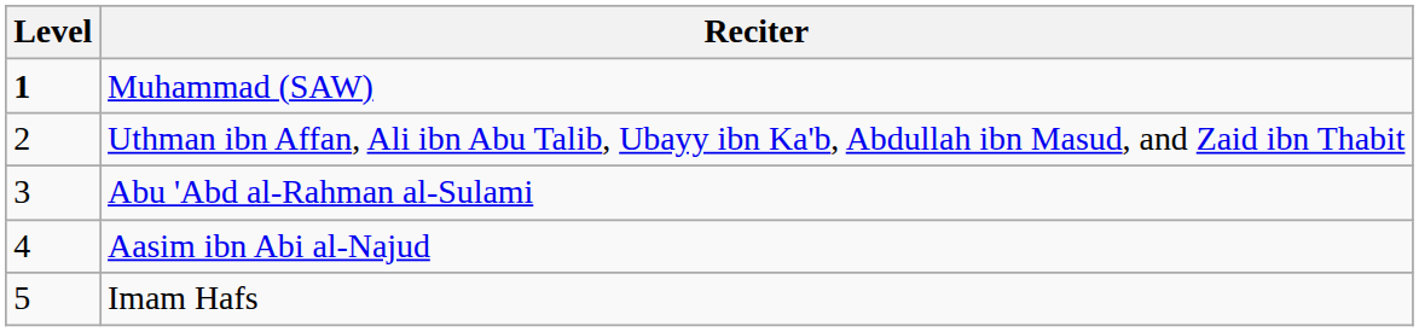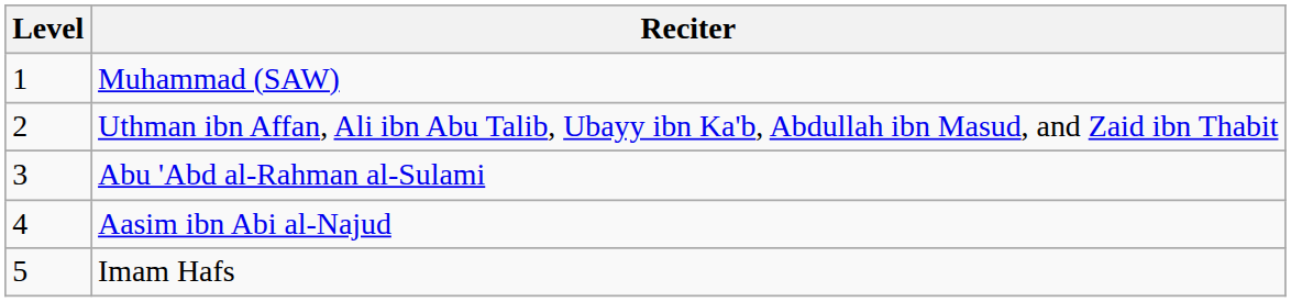 <table class="wikitable">
 <tr>
 <th>Level</th>
 <th>Reciter</th>
 </tr>
 <tr>
-<td><strong>1</strong></td>
+<td>1</td>
 <td><a href='#'>Muhammad (SAW)</a></td>
 </tr>
 <tr>
 <td>2</td>
 <td><a href='#'>Uthman ibn Affan</a>, <a href='#'>Ali ibn Abu Talib</a>, <a href='#'>Ubayy ibn Ka'b</a>, <a href='#'>Abdullah ibn Masud</a>, and <a href='#'>Zaid ibn Thabit</a></td>
 </tr>
 <tr>
 <td>3</td>
 <td><a href='#'>Abu 'Abd al-Rahman al-Sulami</a></td>
 </tr>
 <tr>
 <td>4</td>
 <td><a href='#'>Aasim ibn Abi al-Najud</a></td>
 </tr>
 <tr>
 <td>5</td>
 <td>Imam Hafs</td>
 </tr>
 </table>
